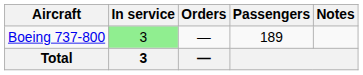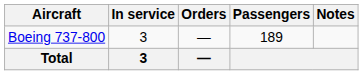 <table class="wikitable" style="margin:1em auto; border-collapse:collapse;text-align:center">
 <tr>
 <th>Aircraft</th>
 <th>In service</th>
 <th>Orders</th>
 <th>Passengers</th>
 <th>Notes</th>
 </tr>
 <tr>
 <td><a href='#'>Boeing 737-800</a></td>
-<td style="background: lightgreen;">3</td>
+<td>3</td>
 <td>—</td>
 <td>189</td>
 <td></td>
 </tr>
 <tr>
 <th>Total</th>
 <th>3</th>
 <th>—</th>
 <th colspan="2"></th>
 </tr>
 </table>
